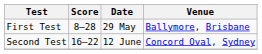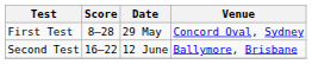 <table class="wikitable">
 <tr>
 <th>Test</th>
 <th>Score</th>
 <th>Date</th>
 <th>Venue</th>
 </tr>
 <tr>
 <td>First Test</td>
 <td align=center>8–28</td>
 <td>29 May</td>
-<td><a href='#'>Ballymore</a>, <a href='#'>Brisbane</a></td>
+<td><a href='#'>Concord Oval</a>, <a href='#'>Sydney</a></td>
 </tr>
 <tr>
 <td>Second Test</td>
 <td align=center>16–22</td>
 <td>12 June</td>
-<td><a href='#'>Concord Oval</a>, <a href='#'>Sydney</a></td>
+<td><a href='#'>Ballymore</a>, <a href='#'>Brisbane</a></td>
 </tr>
 <tr>
 </tr>
 </table>
